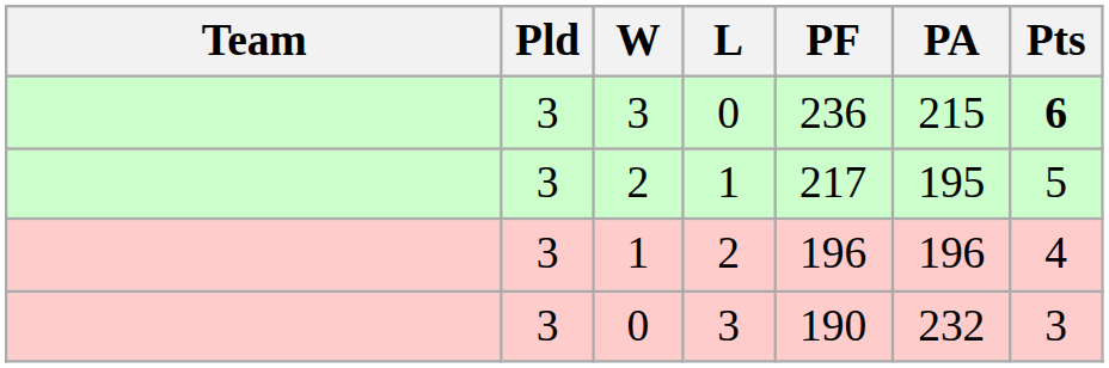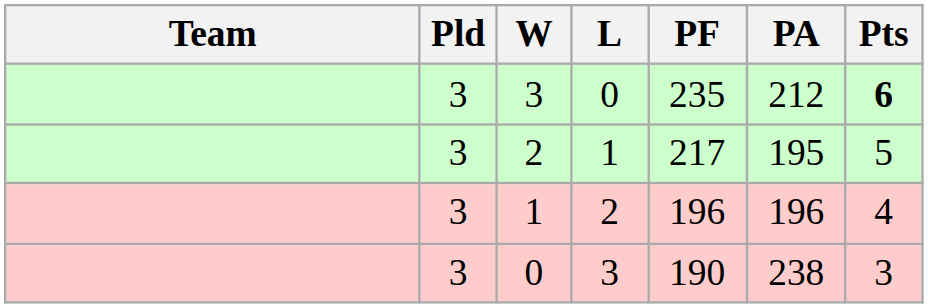 <table class="wikitable" style="text-align:center;">
 <tr>
 <th width=170>Team</th>
 <th width=25>Pld</th>
 <th width=25>W</th>
 <th width=25>L</th>
 <th width=35>PF</th>
 <th width=35>PA</th>
 <th width=25>Pts</th>
 </tr>
 <tr bgcolor=#ccffcc>
 <td align="left"></td>
 <td>3</td>
 <td>3</td>
 <td>0</td>
-<td>236</td>
-<td>215</td>
+<td>235</td>
+<td>212</td>
 <td><strong>6</strong></td>
 </tr>
 <tr bgcolor=#ccffcc>
 <td align="left"></td>
 <td>3</td>
 <td>2</td>
 <td>1</td>
 <td>217</td>
 <td>195</td>
 <td>5</td>
 </tr>
 <tr bgcolor=#ffcccc>
 <td align="left"></td>
 <td>3</td>
 <td>1</td>
 <td>2</td>
 <td>196</td>
 <td>196</td>
 <td>4</td>
 </tr>
 <tr bgcolor=#ffcccc>
 <td align="left"></td>
 <td>3</td>
 <td>0</td>
 <td>3</td>
 <td>190</td>
-<td>232</td>
+<td>238</td>
 <td>3</td>
 </tr>
 </table>
